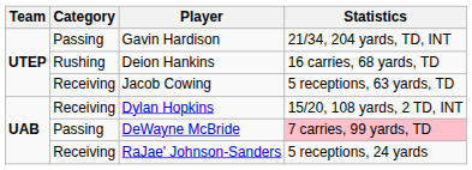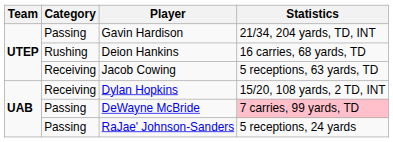 <table class="wikitable" style="float: left;">
 <tr>
 <th>Team</th>
 <th>Category</th>
 <th>Player</th>
 <th>Statistics</th>
 </tr>
 <tr>
 <td rowspan=3><strong>UTEP</strong></td>
 <td>Passing</td>
 <td>Gavin Hardison</td>
 <td>21/34, 204 yards, TD, INT</td>
 </tr>
 <tr>
 <td>Rushing</td>
 <td>Deion Hankins</td>
 <td>16 carries, 68 yards, TD</td>
 </tr>
 <tr>
 <td>Receiving</td>
 <td>Jacob Cowing</td>
 <td>5 receptions, 63 yards, TD</td>
 </tr>
 <tr>
 <td rowspan=3><strong>UAB</strong></td>
 <td>Receiving</td>
 <td><a href='#'>Dylan Hopkins</a></td>
 <td>15/20, 108 yards, 2 TD, INT</td>
 </tr>
 <tr>
 <td>Passing</td>
 <td><a href='#'>DeWayne McBride</a></td>
 <td style="background: pink;">7 carries, 99 yards, TD</td>
 </tr>
 <tr>
-<td>Receiving</td>
+<td>Passing</td>
 <td><a href='#'>RaJae' Johnson-Sanders</a></td>
 <td>5 receptions, 24 yards</td>
 </tr>
 </table>
